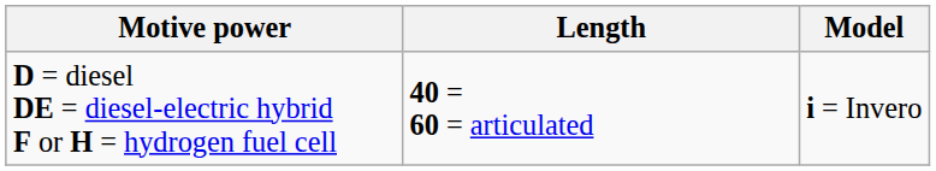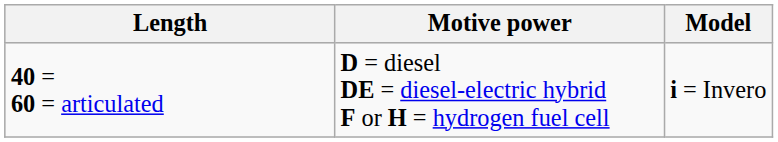 <table class="wikitable" style="margin:1em auto;">
 <tr>
+<th width=43%>Length</th>
 <th width=43%>Motive power</th>
-<th width=43%>Length</th>
 <th>Model</th>
 </tr>
 <tr>
+<td><strong>40</strong> = <br><strong>60</strong> =  <a href='#'>articulated</a></td>
 <td><strong>D</strong> = diesel<br><strong>DE</strong> = <a href='#'>diesel-electric hybrid</a><br><strong>F</strong> or <strong>H</strong> = <a href='#'>hydrogen fuel cell</a></td>
-<td><strong>40</strong> = <br><strong>60</strong> =  <a href='#'>articulated</a></td>
 <td><strong>i</strong> = Invero</td>
 </tr>
 </table>
